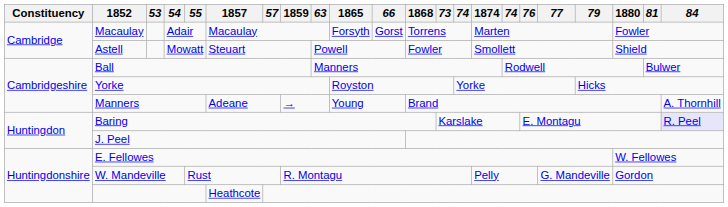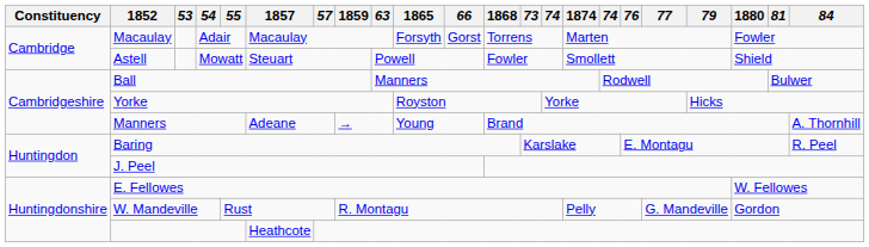 <table class="wikitable">
 <tr>
 <th>Constituency</th>
 <th>1852</th>
 <th><em>53</em></th>
 <th><em>54</em></th>
 <th><em>55</em></th>
 <th>1857</th>
 <th><em>57</em></th>
 <th>1859</th>
 <th><em>63</em></th>
 <th>1865</th>
 <th><em>66</em></th>
 <th>1868</th>
 <th><em>73</em></th>
 <th><em>74</em></th>
 <th>1874</th>
 <th><em>74</em></th>
 <th><em>76</em></th>
 <th><em>77</em></th>
 <th><em>79</em></th>
 <th>1880</th>
 <th><em>81</em></th>
 <th><em>84</em></th>
 </tr>
 <tr>
 <td rowspan="2"><a href='#'>Cambridge</a></td>
 <td><a href='#'>Macaulay</a></td>
 <td></td>
 <td colspan="2"><a href='#'>Adair</a></td>
 <td colspan="4"><a href='#'>Macaulay</a></td>
 <td><a href='#'>Forsyth</a></td>
 <td><a href='#'>Gorst</a></td>
 <td colspan="3"><a href='#'>Torrens</a></td>
 <td colspan="5"><a href='#'>Marten</a></td>
 <td colspan="3"><a href='#'>Fowler</a></td>
 </tr>
 <tr>
 <td><a href='#'>Astell</a></td>
 <td></td>
 <td colspan="2"><a href='#'>Mowatt</a></td>
 <td colspan="3"><a href='#'>Steuart</a></td>
 <td colspan="3"><a href='#'>Powell</a></td>
 <td colspan="3"><a href='#'>Fowler</a></td>
 <td colspan="5"><a href='#'>Smollett</a></td>
 <td colspan="3"><a href='#'>Shield</a></td>
 </tr>
 <tr>
 <td rowspan="3"><a href='#'>Cambridgeshire</a></td>
 <td colspan="7"><a href='#'>Ball</a></td>
 <td colspan="7"><a href='#'>Manners</a></td>
 <td colspan="5"><a href='#'>Rodwell</a></td>
 <td colspan="2"><a href='#'>Bulwer</a></td>
 </tr>
 <tr>
 <td colspan="8"><a href='#'>Yorke</a></td>
 <td colspan="4"><a href='#'>Royston</a></td>
 <td colspan="5"><a href='#'>Yorke</a></td>
 <td colspan="4"><a href='#'>Hicks</a></td>
 </tr>
 <tr>
 <td colspan="4"><a href='#'>Manners</a></td>
 <td colspan="2"><a href='#'>Adeane</a></td>
 <td colspan="2"><a href='#'>→</a></td>
 <td colspan="2"><a href='#'>Young</a></td>
 <td colspan="10"><a href='#'>Brand</a></td>
 <td><a href='#'>A. Thornhill</a></td>
 </tr>
 <tr>
 <td rowspan="2"><a href='#'>Huntingdon</a></td>
 <td colspan="11"><a href='#'>Baring</a></td>
 <td colspan="4"><a href='#'>Karslake</a></td>
 <td colspan="5"><a href='#'>E. Montagu</a></td>
-<td style="background: lavender;"><a href='#'>R. Peel</a></td>
+<td><a href='#'>R. Peel</a></td>
 </tr>
 <tr>
 <td colspan="10"><a href='#'>J. Peel</a></td>
 <td colspan="11"></td>
 </tr>
 <tr>
 <td rowspan="3"><a href='#'>Huntingdonshire</a></td>
 <td colspan="18"><a href='#'>E. Fellowes</a></td>
 <td colspan="3"><a href='#'>W. Fellowes</a></td>
 </tr>
 <tr>
 <td colspan="3"><a href='#'>W. Mandeville</a></td>
 <td colspan="3"><a href='#'>Rust</a></td>
 <td colspan="7"><a href='#'>R. Montagu</a></td>
 <td colspan="3"><a href='#'>Pelly</a></td>
 <td colspan="2"><a href='#'>G. Mandeville</a></td>
 <td colspan="3"><a href='#'>Gordon</a></td>
 </tr>
 <tr>
 <td colspan="4"></td>
 <td><a href='#'>Heathcote</a></td>
 <td colspan="16"></td>
 </tr>
 </table>
